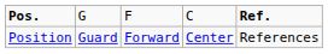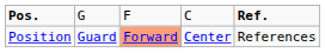 <table class="wikitable">
 <tr>
 <td><strong>Pos.</strong></td>
 <td>G</td>
 <td>F</td>
 <td>C</td>
 <td><strong>Ref.</strong></td>
 </tr>
 <tr>
 <td><a href='#'>Position</a></td>
 <td><a href='#'>Guard</a></td>
-<td><a href='#'>Forward</a></td>
+<td style="background: lightsalmon;"><a href='#'>Forward</a></td>
 <td><a href='#'>Center</a></td>
 <td>References</td>
 </tr>
 </table>
